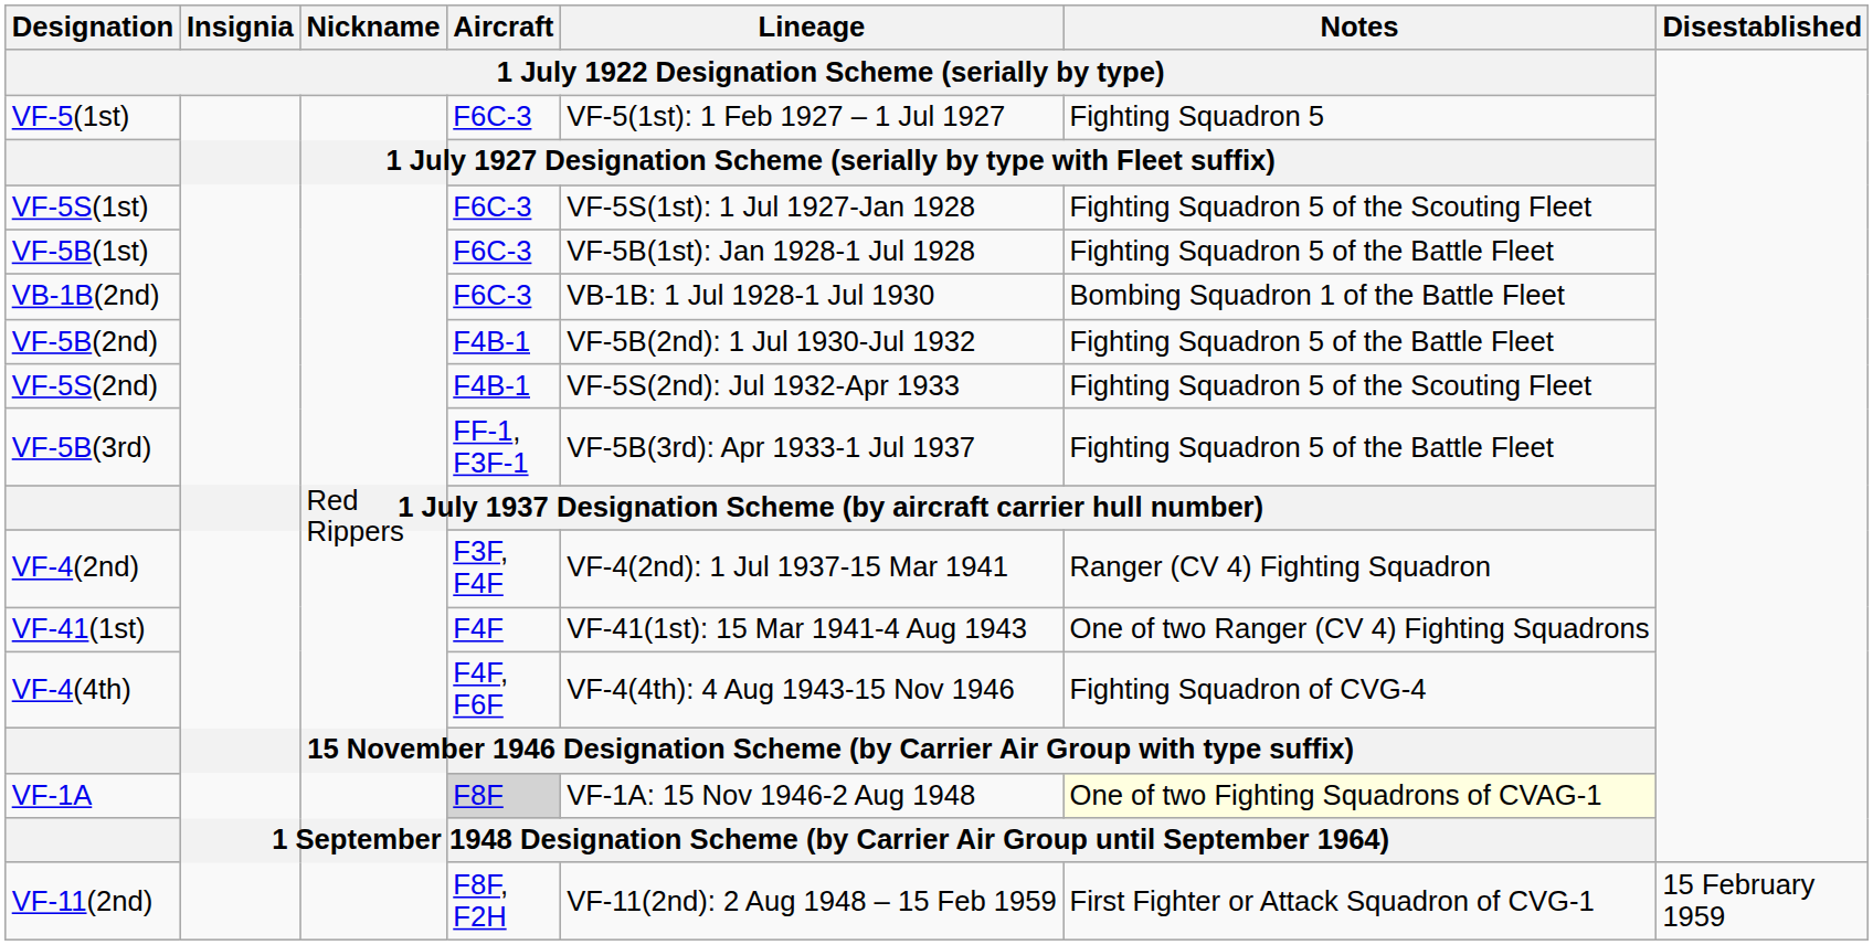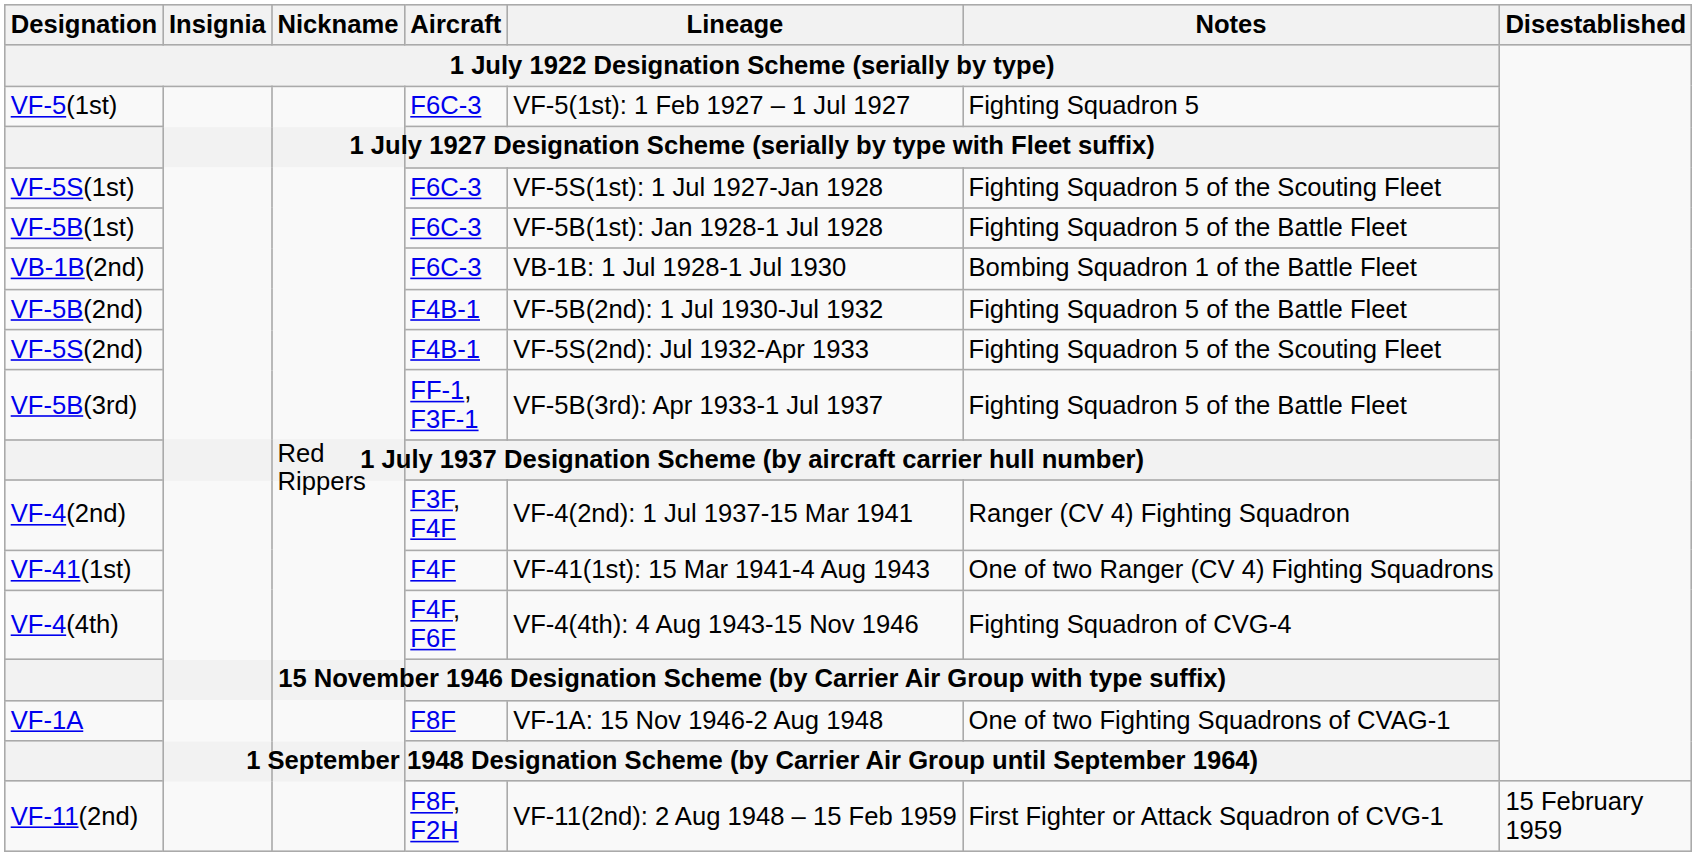 <table class="wikitable">
 <tr>
 <th>Designation</th>
 <th>Insignia</th>
 <th>Nickname</th>
 <th>Aircraft</th>
 <th>Lineage</th>
 <th>Notes</th>
 <th>Disestablished</th>
 </tr>
 <tr>
 <th colspan=6>1 July 1922 Designation Scheme (serially by type)</th>
 </tr>
 <tr>
 <td><a href='#'>VF-5</a>(1st)</td>
 <td rowspan="16"></td>
 <td rowspan="16">Red Rippers</td>
 <td><a href='#'>F6C-3</a></td>
 <td style="white-space: nowrap;">VF-5(1st): 1 Feb 1927 – 1 Jul 1927</td>
 <td>Fighting Squadron 5</td>
 </tr>
 <tr>
 <th colspan=6>1 July 1927 Designation Scheme (serially by type with Fleet suffix)</th>
 </tr>
 <tr>
 <td><a href='#'>VF-5S</a>(1st)</td>
 <td><a href='#'>F6C-3</a></td>
 <td>VF-5S(1st): 1 Jul 1927-Jan 1928</td>
 <td>Fighting Squadron 5 of the Scouting Fleet</td>
 </tr>
 <tr>
 <td><a href='#'>VF-5B</a>(1st)</td>
 <td><a href='#'>F6C-3</a></td>
 <td>VF-5B(1st): Jan 1928-1 Jul 1928</td>
 <td>Fighting Squadron 5 of the Battle Fleet</td>
 </tr>
 <tr>
 <td><a href='#'>VB-1B</a>(2nd)</td>
 <td><a href='#'>F6C-3</a></td>
 <td>VB-1B: 1 Jul 1928-1 Jul 1930</td>
 <td>Bombing Squadron 1 of the Battle Fleet</td>
 </tr>
 <tr>
 <td><a href='#'>VF-5B</a>(2nd)</td>
 <td><a href='#'>F4B-1</a></td>
 <td>VF-5B(2nd): 1 Jul 1930-Jul 1932</td>
 <td>Fighting Squadron 5 of the Battle Fleet</td>
 </tr>
 <tr>
 <td><a href='#'>VF-5S</a>(2nd)</td>
 <td><a href='#'>F4B-1</a></td>
 <td>VF-5S(2nd): Jul 1932-Apr 1933</td>
 <td>Fighting Squadron 5 of the Scouting Fleet</td>
 </tr>
 <tr>
 <td><a href='#'>VF-5B</a>(3rd)</td>
 <td><a href='#'>FF-1</a>,<br><a href='#'>F3F-1</a></td>
 <td>VF-5B(3rd): Apr 1933-1 Jul 1937</td>
 <td>Fighting Squadron 5 of the Battle Fleet</td>
 </tr>
 <tr>
 <th colspan=6>1 July 1937 Designation Scheme (by aircraft carrier hull number)</th>
 </tr>
 <tr>
 <td><a href='#'>VF-4</a>(2nd)</td>
 <td><a href='#'>F3F</a>, <a href='#'>F4F</a></td>
 <td>VF-4(2nd): 1 Jul 1937-15 Mar 1941</td>
 <td>Ranger (CV 4) Fighting Squadron</td>
 </tr>
 <tr>
 <td><a href='#'>VF-41</a>(1st)</td>
 <td><a href='#'>F4F</a></td>
 <td>VF-41(1st): 15 Mar 1941-4 Aug 1943</td>
 <td style="white-space: nowrap;">One of two Ranger (CV 4) Fighting Squadrons</td>
 </tr>
 <tr>
 <td><a href='#'>VF-4</a>(4th)</td>
 <td><a href='#'>F4F</a>, <a href='#'>F6F</a></td>
 <td>VF-4(4th): 4 Aug 1943-15 Nov 1946</td>
 <td>Fighting Squadron of CVG-4</td>
 </tr>
 <tr>
 <th colspan=6>15 November 1946 Designation Scheme (by Carrier Air Group with type suffix)</th>
 </tr>
 <tr>
 <td><a href='#'>VF-1A</a></td>
-<td style="background: lightgrey;"><a href='#'>F8F</a></td>
+<td><a href='#'>F8F</a></td>
 <td>VF-1A: 15 Nov 1946-2 Aug 1948</td>
-<td style="background: lightyellow; white-space: nowrap;">One of two Fighting Squadrons of CVAG-1</td>
+<td style="white-space: nowrap;">One of two Fighting Squadrons of CVAG-1</td>
 </tr>
 <tr>
 <th colspan=6>1 September 1948 Designation Scheme (by Carrier Air Group until September 1964)</th>
 </tr>
 <tr>
 <td><a href='#'>VF-11</a>(2nd)</td>
 <td><a href='#'>F8F</a>, <a href='#'>F2H</a></td>
 <td style="white-space: nowrap;">VF-11(2nd): 2 Aug 1948 – 15 Feb 1959</td>
 <td>First Fighter or Attack Squadron of CVG-1</td>
 <td>15 February 1959</td>
 </tr>
 </table>
